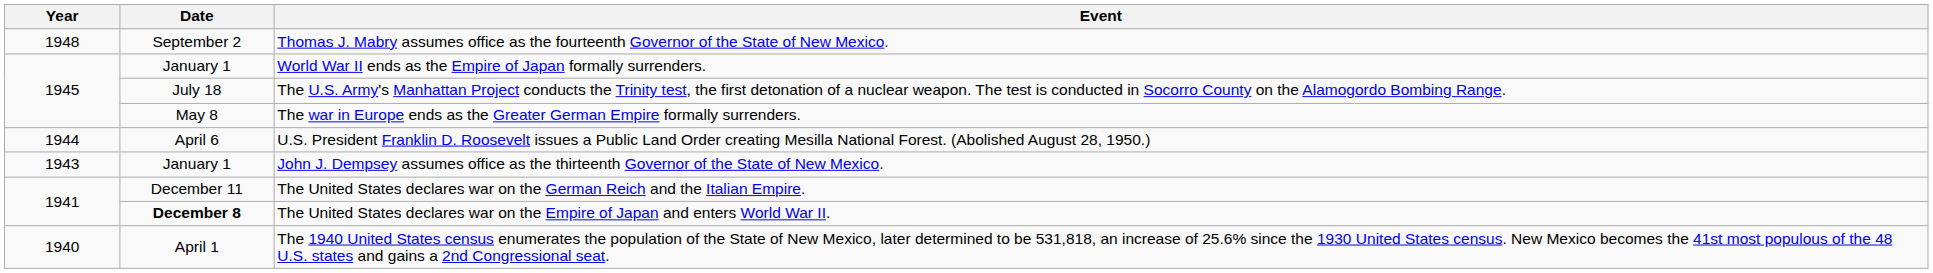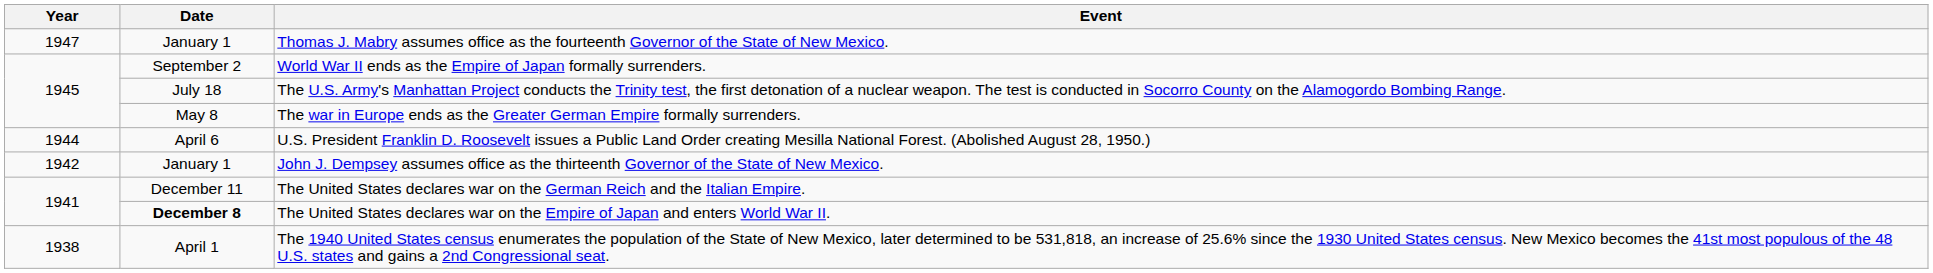 <table class="wikitable" style="width:100%;">
 <tr>
 <th style="width:6%">Year</th>
 <th style="width:8%">Date</th>
 <th style="width:86%">Event</th>
 </tr>
 <tr>
-<td align=center rowspan=1>1948</td>
-<td align=center>September 2</td>
+<td align=center rowspan=1>1947</td>
+<td align=center>January 1</td>
 <td><a href='#'>Thomas J. Mabry</a> assumes office as the fourteenth <a href='#'>Governor of the State of New Mexico</a>.</td>
 </tr>
 <tr>
 <td align=center rowspan=3>1945</td>
-<td align=center>January 1</td>
+<td align=center>September 2</td>
 <td><a href='#'>World War II</a> ends as the <a href='#'>Empire of Japan</a> formally surrenders.</td>
 </tr>
 <tr>
 <td align=center>July 18</td>
 <td>The <a href='#'>U.S. Army</a>'s <a href='#'>Manhattan Project</a> conducts the <a href='#'>Trinity test</a>, the first detonation of a nuclear weapon.  The test is conducted in <a href='#'>Socorro County</a> on the <a href='#'>Alamogordo Bombing Range</a>.</td>
 </tr>
 <tr>
 <td align=center>May 8</td>
 <td>The <a href='#'>war in Europe</a> ends as the <a href='#'>Greater German Empire</a> formally surrenders.</td>
 </tr>
 <tr>
 <td align=center rowspan=1>1944</td>
 <td align=center>April 6</td>
 <td>U.S. President <a href='#'>Franklin D. Roosevelt</a> issues a Public Land Order creating Mesilla National Forest. (Abolished August 28, 1950.)</td>
 </tr>
 <tr>
-<td align=center rowspan=1>1943</td>
+<td align=center rowspan=1>1942</td>
 <td align=center>January 1</td>
 <td><a href='#'>John J. Dempsey</a> assumes office as the thirteenth <a href='#'>Governor of the State of New Mexico</a>.</td>
 </tr>
 <tr>
 <td align=center rowspan=2>1941</td>
 <td align=center>December 11</td>
 <td>The United States declares war on the <a href='#'>German Reich</a> and the <a href='#'>Italian Empire</a>.</td>
 </tr>
 <tr>
 <td align=center><strong>December 8</strong></td>
 <td>The United States declares war on the <a href='#'>Empire of Japan</a> and enters <a href='#'>World War II</a>.</td>
 </tr>
 <tr>
-<td align=center rowspan=1>1940</td>
+<td align=center rowspan=1>1938</td>
 <td align=center>April 1</td>
 <td>The <a href='#'>1940 United States census</a> enumerates the population of the State of New Mexico, later determined to be 531,818, an increase of 25.6% since the <a href='#'>1930 United States census</a>. New Mexico becomes the <a href='#'>41st most populous of the 48 U.S. states</a> and gains a <a href='#'>2nd Congressional seat</a>.</td>
 </tr>
 </table>
